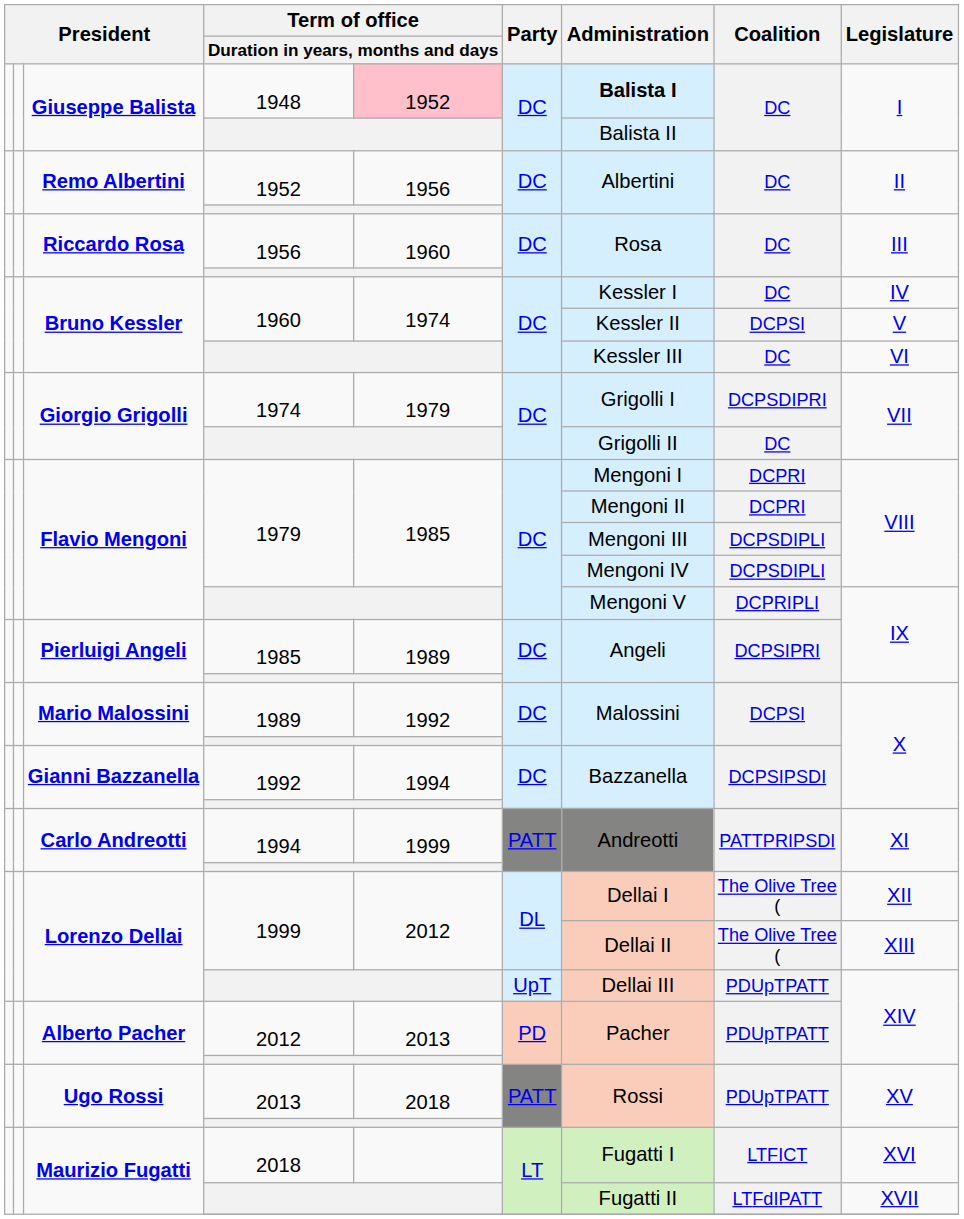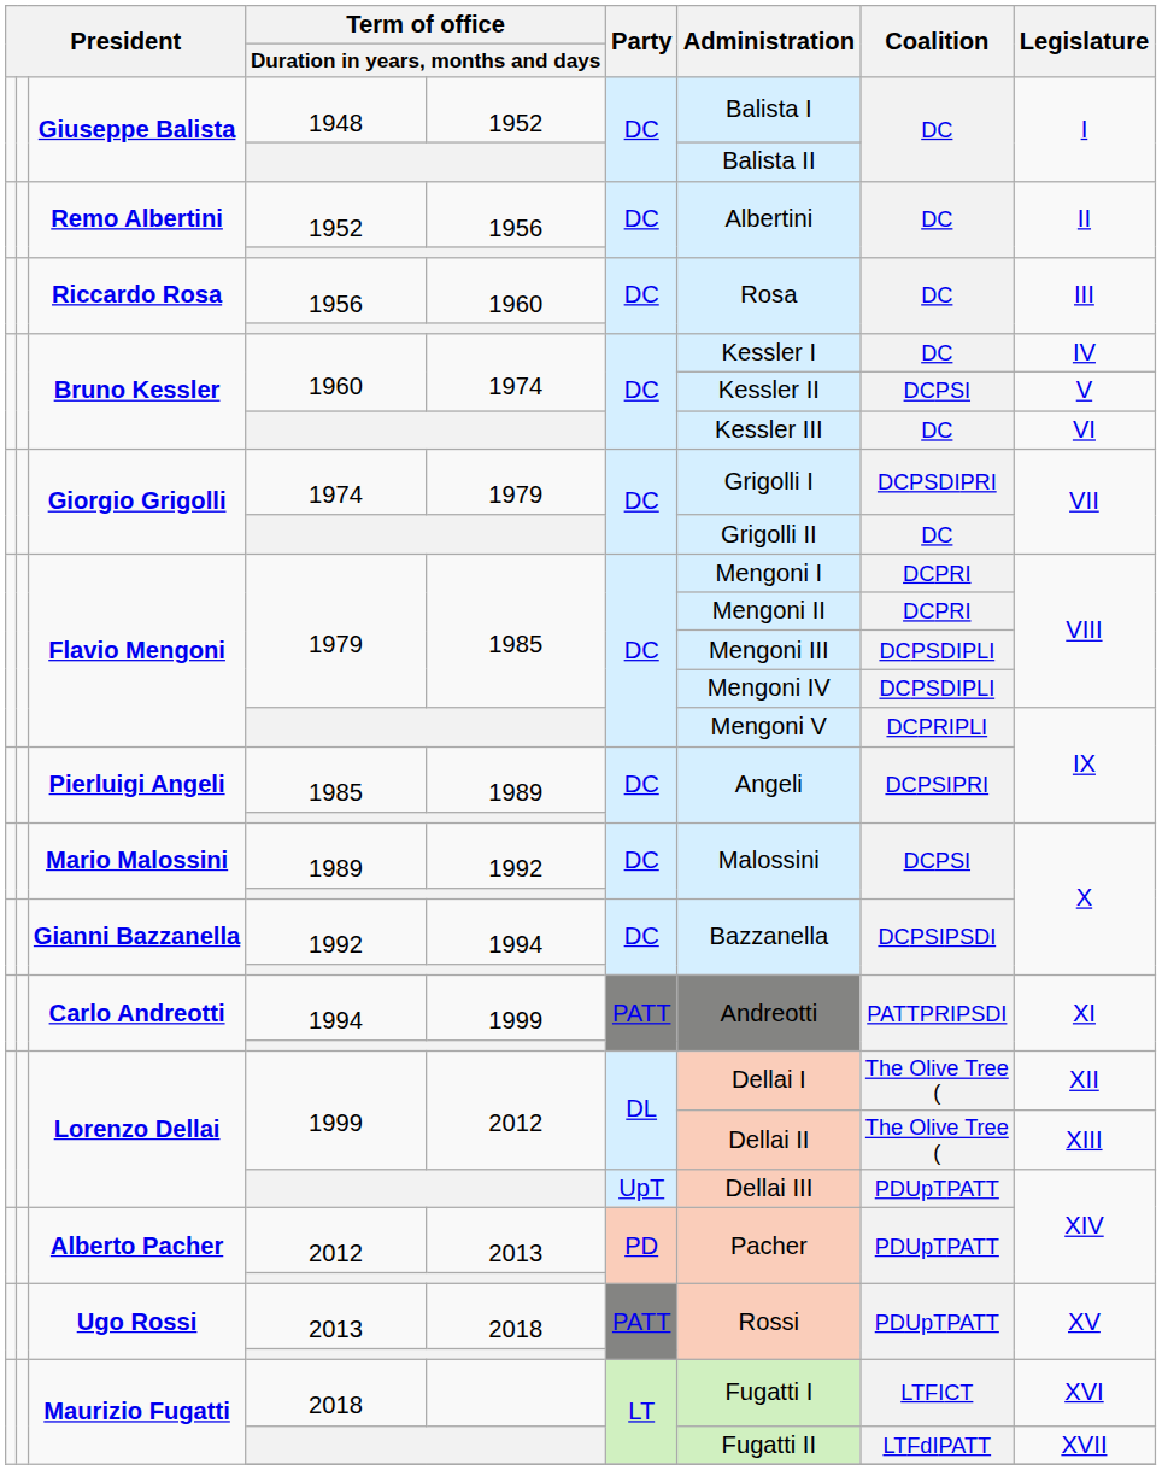 <table class="wikitable" style="text-align:center">
 <tr>
 <th rowspan=2 colspan=3>President</th>
 <th colspan=2>Term of office</th>
 <th rowspan=2>Party</th>
 <th rowspan=2>Administration</th>
 <th rowspan=2 style="font-size:100%; line-height:normal">Coalition</th>
 <th rowspan=2>Legislature</th>
 </tr>
 <tr>
 <th colspan=2 style="font-size:85%; line-height:normal">Duration in years, months and days</th>
 </tr>
 <tr>
 <td rowspan=2><strong></strong></td>
 <td rowspan=2></td>
 <td rowspan=2><strong><a href='#'>Giuseppe Balista</a></strong><br></td>
 <td><br>1948</td>
-<td style="background: pink;"><br>1952</td>
+<td><br>1952</td>
 <td rowspan=2 bgcolor=#D5EFFF><a href='#'>DC</a></td>
-<td bgcolor=#D5EFFF><strong>Balista I</strong></td>
+<td bgcolor=#D5EFFF>Balista I</td>
 <th rowspan=2 style="font-weight:normal; text-align:center; font-size:90%"><a href='#'>DC</a></th>
 <td rowspan=2><a href='#'>I<br></a></td>
 </tr>
 <tr>
 <th colspan=2 style="font-weight:normal; text-align:center; font-size:90%"></th>
 <td bgcolor=#D5EFFF>Balista II</td>
 </tr>
 <tr>
 <td rowspan=2><strong></strong></td>
 <td rowspan=2></td>
 <td rowspan=2><strong><a href='#'>Remo Albertini</a></strong><br></td>
 <td><br>1952</td>
 <td><br>1956</td>
 <td rowspan=2 bgcolor=#D5EFFF><a href='#'>DC</a></td>
 <td rowspan=2 bgcolor=#D5EFFF>Albertini</td>
 <th rowspan=2 style="font-weight:normal; text-align:center; font-size:90%"><a href='#'>DC</a></th>
 <td rowspan=2><a href='#'>II<br></a></td>
 </tr>
 <tr>
 <th colspan=2 style="font-weight:normal; text-align:center; font-size:90%"></th>
 </tr>
 <tr>
 <td rowspan=2><strong></strong></td>
 <td rowspan=2></td>
 <td rowspan=2><strong><a href='#'>Riccardo Rosa</a></strong><br></td>
 <td><br>1956</td>
 <td><br>1960</td>
 <td rowspan=2 bgcolor=#D5EFFF><a href='#'>DC</a></td>
 <td rowspan=2 bgcolor=#D5EFFF>Rosa</td>
 <th rowspan=2 style="font-weight:normal; text-align:center; font-size:90%"><a href='#'>DC</a></th>
 <td rowspan=2><a href='#'>III<br></a></td>
 </tr>
 <tr>
 <th colspan=2 style="font-weight:normal; text-align:center; font-size:90%"></th>
 </tr>
 <tr>
 <td rowspan=3><strong></strong></td>
 <td rowspan=3></td>
 <td rowspan=3><strong><a href='#'>Bruno Kessler</a></strong><br></td>
 <td rowspan=2><br>1960</td>
 <td rowspan=2><br>1974</td>
 <td rowspan=3 bgcolor=#D5EFFF><a href='#'>DC</a></td>
 <td bgcolor=#D5EFFF>Kessler I</td>
 <th style="font-weight:normal; text-align:center; font-size:90%"><a href='#'>DC</a></th>
 <td><a href='#'>IV<br></a></td>
 </tr>
 <tr>
 <td bgcolor=#D5EFFF>Kessler II</td>
 <th style="font-weight:normal; text-align:center; font-size:90%"><a href='#'>DC</a><a href='#'>PSI</a></th>
 <td><a href='#'>V<br></a></td>
 </tr>
 <tr>
 <th colspan=2 style="font-weight:normal; text-align:center; font-size:90%"></th>
 <td bgcolor=#D5EFFF>Kessler III</td>
 <th style="font-weight:normal; text-align:center; font-size:90%"><a href='#'>DC</a></th>
 <td><a href='#'>VI<br></a></td>
 </tr>
 <tr>
 <td rowspan=2><strong></strong></td>
 <td rowspan=2></td>
 <td rowspan=2><strong><a href='#'>Giorgio Grigolli</a></strong><br></td>
 <td><br>1974</td>
 <td><br>1979</td>
 <td rowspan=2 bgcolor=#D5EFFF><a href='#'>DC</a></td>
 <td bgcolor=#D5EFFF>Grigolli I</td>
 <th style="font-weight:normal; text-align:center; font-size:90%"><a href='#'>DC</a><a href='#'>PSDI</a><a href='#'>PRI</a></th>
 <td rowspan=2><a href='#'>VII<br></a></td>
 </tr>
 <tr>
 <th colspan=2 style="font-weight:normal; text-align:center; font-size:90%"></th>
 <td bgcolor=#D5EFFF>Grigolli II</td>
 <th style="font-weight:normal; text-align:center; font-size:90%"><a href='#'>DC</a></th>
 </tr>
 <tr>
 <td rowspan=5><strong></strong></td>
 <td rowspan=5></td>
 <td rowspan=5><strong><a href='#'>Flavio Mengoni</a></strong><br></td>
 <td rowspan=4><br>1979</td>
 <td rowspan=4><br>1985</td>
 <td rowspan=5 bgcolor=#D5EFFF><a href='#'>DC</a></td>
 <td bgcolor=#D5EFFF>Mengoni I</td>
 <th style="font-weight:normal; text-align:center; font-size:90%"><a href='#'>DC</a><a href='#'>PRI</a></th>
 <td rowspan=4><a href='#'>VIII<br></a></td>
 </tr>
 <tr>
 <td bgcolor=#D5EFFF>Mengoni II</td>
 <th style="font-weight:normal; text-align:center; font-size:90%"><a href='#'>DC</a><a href='#'>PRI</a></th>
 </tr>
 <tr>
 <td bgcolor=#D5EFFF>Mengoni III</td>
 <th style="font-weight:normal; text-align:center; font-size:90%"><a href='#'>DC</a><a href='#'>PSDI</a><a href='#'>PLI</a></th>
 </tr>
 <tr>
 <td bgcolor=#D5EFFF>Mengoni IV</td>
 <th style="font-weight:normal; text-align:center; font-size:90%"><a href='#'>DC</a><a href='#'>PSDI</a><a href='#'>PLI</a></th>
 </tr>
 <tr>
 <th colspan=2 style="font-weight:normal; text-align:center; font-size:90%"></th>
 <td bgcolor=#D5EFFF>Mengoni V</td>
 <th style="font-weight:normal; text-align:center; font-size:90%"><a href='#'>DC</a><a href='#'>PRI</a><a href='#'>PLI</a></th>
 <td rowspan=3><a href='#'>IX<br></a></td>
 </tr>
 <tr>
 <td rowspan=2><strong></strong></td>
 <td rowspan=2></td>
 <td rowspan=2><strong><a href='#'>Pierluigi Angeli</a></strong><br></td>
 <td><br>1985</td>
 <td><br>1989</td>
 <td rowspan=2 bgcolor=#D5EFFF><a href='#'>DC</a></td>
 <td rowspan=2 bgcolor=#D5EFFF>Angeli</td>
 <th rowspan=2 style="font-weight:normal; text-align:center; font-size:90%"><a href='#'>DC</a><a href='#'>PSI</a><a href='#'>PRI</a></th>
 </tr>
 <tr>
 <th colspan=2 style="font-weight:normal; text-align:center; font-size:90%"></th>
 </tr>
 <tr>
 <td rowspan=2><strong></strong></td>
 <td rowspan=2></td>
 <td rowspan=2><strong><a href='#'>Mario Malossini</a></strong><br></td>
 <td><br>1989</td>
 <td><br>1992</td>
 <td rowspan=2 bgcolor=#D5EFFF><a href='#'>DC</a></td>
 <td rowspan=2 bgcolor=#D5EFFF>Malossini</td>
 <th rowspan=2 style="font-weight:normal; text-align:center; font-size:90%"><a href='#'>DC</a><a href='#'>PSI</a></th>
 <td rowspan=4><a href='#'>X<br></a></td>
 </tr>
 <tr>
 <th colspan=2 style="font-weight:normal; text-align:center; font-size:90%"></th>
 </tr>
 <tr>
 <td rowspan=2><strong></strong></td>
 <td rowspan=2></td>
 <td rowspan=2><strong><a href='#'>Gianni Bazzanella</a></strong><br></td>
 <td><br>1992</td>
 <td><br>1994</td>
 <td rowspan=2 bgcolor=#D5EFFF><a href='#'>DC</a></td>
 <td rowspan=2 bgcolor=#D5EFFF>Bazzanella</td>
 <th rowspan=2 style="font-weight:normal; text-align:center; font-size:90%"><a href='#'>DC</a><a href='#'>PSI</a><a href='#'>PSDI</a></th>
 </tr>
 <tr>
 <th colspan=2 style="font-weight:normal; text-align:center; font-size:90%"></th>
 </tr>
 <tr>
 <td rowspan=2><strong></strong></td>
 <td rowspan=2></td>
 <td rowspan=2><strong><a href='#'>Carlo Andreotti</a></strong><br></td>
 <td><br>1994</td>
 <td><br>1999</td>
 <td rowspan=2 bgcolor=#848482><a href='#'>PATT</a></td>
 <td rowspan=2 bgcolor=#848482>Andreotti</td>
 <th rowspan=2 style="font-weight:normal; text-align:center; font-size:90%"><a href='#'>PATT</a><a href='#'>PRI</a><a href='#'>PSDI</a></th>
 <td rowspan=2><a href='#'>XI<br></a></td>
 </tr>
 <tr>
 <th colspan=2 style="font-weight:normal; text-align:center; font-size:90%"></th>
 </tr>
 <tr>
 <td rowspan=4><strong></strong></td>
 <td rowspan=4></td>
 <td rowspan=4><strong><a href='#'>Lorenzo Dellai</a></strong><br></td>
 <td rowspan=3><br>1999</td>
 <td rowspan=3><br>2012</td>
 <td rowspan=2 bgcolor=#D5EFFF><a href='#'>DL</a></td>
 <td bgcolor=#FACDBA>Dellai I</td>
 <th style="font-weight:normal; text-align:center; font-size:90%"><a href='#'>The Olive Tree</a><br>(</th>
 <td><a href='#'>XII<br></a></td>
 </tr>
 <tr>
 <td bgcolor=#FACDBA>Dellai II</td>
 <th style="font-weight:normal; text-align:center; font-size:90%"><a href='#'>The Olive Tree</a><br>(</th>
 <td><a href='#'>XIII<br></a></td>
 </tr>
 <tr>
 <td rowspan=2 bgcolor=#D5EFFF><a href='#'>UpT</a></td>
 <td rowspan=2 bgcolor=#FACDBA>Dellai III</td>
 <th rowspan=2 style="font-weight:normal; text-align:center; font-size:90%"><a href='#'>PD</a><a href='#'>UpT</a><a href='#'>PATT</a></th>
 <td rowspan=4><a href='#'>XIV<br></a></td>
 </tr>
 <tr>
 <th colspan=2 style="font-weight:normal; text-align:center; font-size:90%"></th>
 </tr>
 <tr>
 <td rowspan=2><strong></strong></td>
 <td rowspan=2></td>
 <td rowspan=2><strong><a href='#'>Alberto Pacher</a></strong><br></td>
 <td><br>2012</td>
 <td><br>2013</td>
 <td rowspan=2 bgcolor=#FACDBA><a href='#'>PD</a></td>
 <td rowspan=2 bgcolor=#FACDBA>Pacher</td>
 <th rowspan=2 style="font-weight:normal; text-align:center; font-size:90%"><a href='#'>PD</a><a href='#'>UpT</a><a href='#'>PATT</a></th>
 </tr>
 <tr>
 <th colspan=2 style="font-weight:normal; text-align:center; font-size:90%"></th>
 </tr>
 <tr>
 <td rowspan=2><strong></strong></td>
 <td rowspan=2></td>
 <td rowspan=2><strong><a href='#'>Ugo Rossi</a></strong><br></td>
 <td><br>2013</td>
 <td><br>2018</td>
 <td rowspan=2 bgcolor=#848482><a href='#'>PATT</a></td>
 <td rowspan=2 bgcolor=#FACDBA>Rossi</td>
 <th rowspan=2 style="font-weight:normal; text-align:center; font-size:90%"><a href='#'>PD</a><a href='#'>UpT</a><a href='#'>PATT</a></th>
 <td rowspan=2><a href='#'>XV<br></a></td>
 </tr>
 <tr>
 <th colspan=2 style="font-weight:normal; text-align:center; font-size:90%"></th>
 </tr>
 <tr>
 <td rowspan=3><strong></strong></td>
 <td rowspan=3></td>
 <td rowspan=3><strong><a href='#'>Maurizio Fugatti</a></strong><br></td>
 <td><br>2018</td>
 <td></td>
 <td rowspan=2 bgcolor=#D0F0C0><a href='#'>LT</a></td>
 <td bgcolor=#D0F0C0>Fugatti I</td>
 <th style="font-weight:normal; text-align:center; font-size:90%"><a href='#'>LT</a><a href='#'>FI</a><a href='#'>CT</a></th>
 <td><a href='#'>XVI<br></a></td>
 </tr>
 <tr>
 <th colspan=2 style="font-weight:normal; text-align:center; font-size:90%"></th>
 <td bgcolor=#D0F0C0>Fugatti II</td>
 <th style="font-weight:normal; text-align:center; font-size:90%"><a href='#'>LT</a><a href='#'>FdI</a><a href='#'>PATT</a></th>
 <td><a href='#'>XVII<br></a></td>
 </tr>
 <tr>
 </tr>
 </table>
